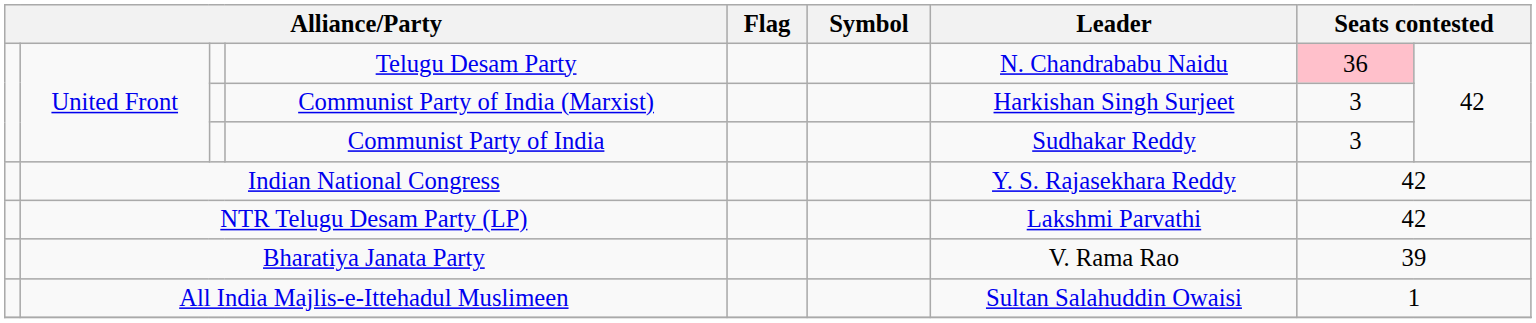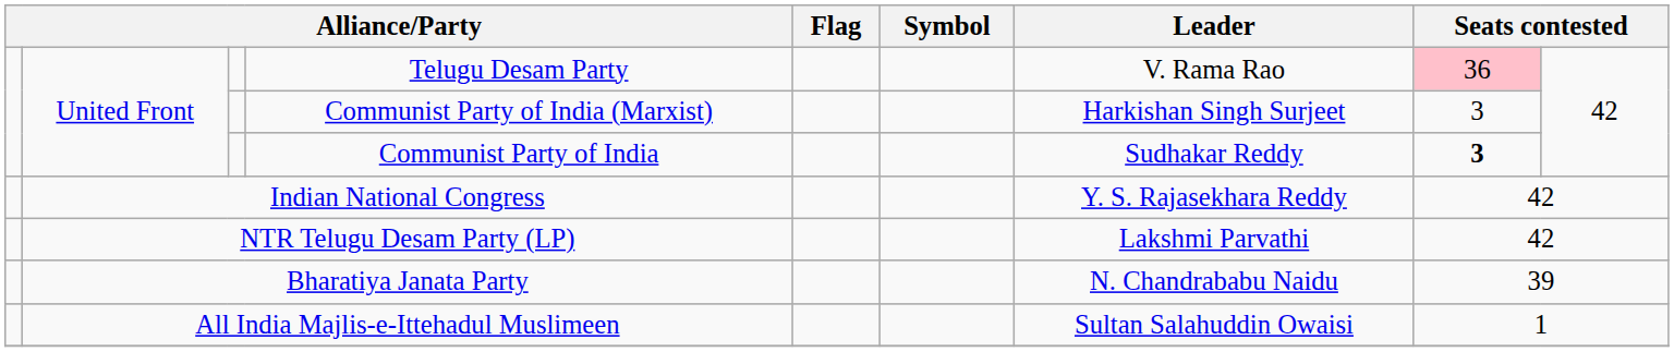 <table class="wikitable sortable" width="50%" style="text-align:center;">
 <tr>
 <th colspan=4>Alliance/Party</th>
 <th>Flag</th>
 <th>Symbol</th>
 <th>Leader</th>
 <th colspan=4>Seats contested</th>
 </tr>
 <tr>
 <td rowspan=3 style="text-align:center; background:"></td>
 <td rowspan=3><a href='#'>United Front</a></td>
 <td style="text-align:center; background:"></td>
 <td><a href='#'>Telugu Desam Party</a></td>
 <td></td>
 <td></td>
-<td><a href='#'>N. Chandrababu Naidu</a></td>
+<td>V. Rama Rao</td>
 <td style="background: pink;">36</td>
 <td rowspan=3>42</td>
 </tr>
 <tr>
 <td style="text-align:center; background:"></td>
 <td><a href='#'>Communist Party of India (Marxist)</a></td>
 <td></td>
 <td></td>
 <td><a href='#'>Harkishan Singh Surjeet</a></td>
 <td>3</td>
 </tr>
 <tr>
 <td style="text-align:center; background:"></td>
 <td><a href='#'>Communist Party of India</a></td>
 <td></td>
 <td></td>
 <td><a href='#'>Sudhakar Reddy</a></td>
-<td>3</td>
+<td><strong>3</strong></td>
 </tr>
 <tr>
 <td style="text-align:center; background:"></td>
 <td colspan=3><a href='#'>Indian National Congress</a></td>
 <td></td>
 <td></td>
 <td><a href='#'>Y. S. Rajasekhara Reddy</a></td>
 <td colspan=3>42</td>
 </tr>
 <tr>
 <td style="text-align:center; background:"></td>
 <td colspan="3"><a href='#'>NTR Telugu Desam Party (LP)</a></td>
 <td></td>
 <td></td>
 <td><a href='#'>Lakshmi Parvathi</a></td>
 <td colspan="3">42</td>
 </tr>
 <tr>
 <td style="text-align:center; background:"></td>
 <td colspan=3><a href='#'>Bharatiya Janata Party</a></td>
 <td></td>
 <td></td>
-<td>V. Rama Rao</td>
+<td><a href='#'>N. Chandrababu Naidu</a></td>
 <td colspan=3>39</td>
 </tr>
 <tr>
 <td style="text-align:center; background:"></td>
 <td colspan=3><a href='#'>All India Majlis-e-Ittehadul Muslimeen</a></td>
 <td></td>
 <td></td>
 <td><a href='#'>Sultan Salahuddin Owaisi</a></td>
 <td colspan=3>1</td>
 </tr>
 <tr>
 </tr>
 </table>
